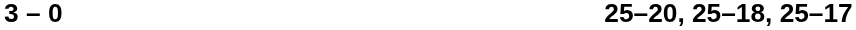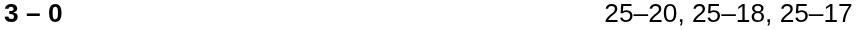 <table width=100% cellspacing=1>
 <tr>
 <th width=20%></th>
 <th width=12%></th>
 <th width=20%></th>
 <th width=33%></th>
 <td></td>
 </tr>
 <tr style=font-size:95%>
 <td align=right><strong></strong></td>
 <td align=center><strong>3 – 0</strong></td>
 <td></td>
-<td><strong>25–20, 25–18, 25–17</strong></td>
+<td>25–20, 25–18, 25–17</td>
 </tr>
 </table>
